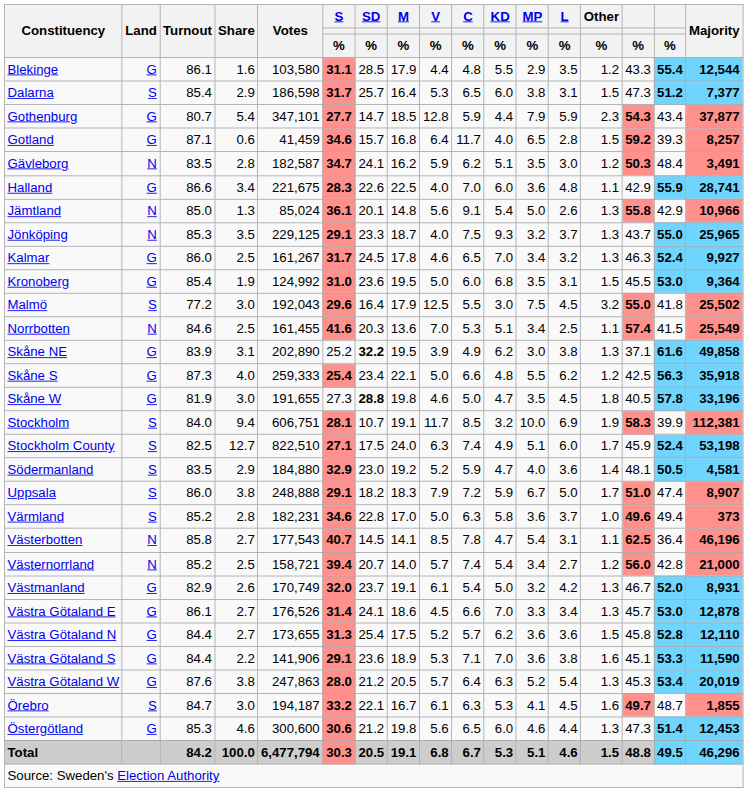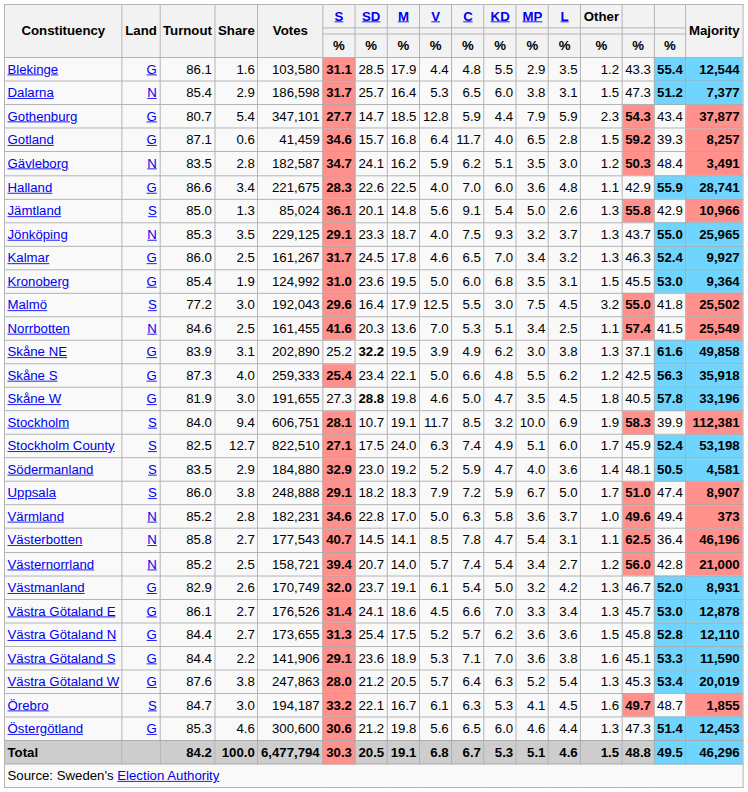 <table class="wikitable sortable" style="text-align:right; font-size:95%; line-height:20px;">
 <tr>
 <th rowspan="3">Constituency</th>
 <th rowspan="3">Land</th>
 <th rowspan="3">Turnout</th>
 <th rowspan="3">Share</th>
 <th rowspan="3">Votes</th>
 <th width="30px" class="unsortable"><a href='#'>S</a></th>
 <th width="30px" class="unsortable"><a href='#'>SD</a></th>
 <th width="30px" class="unsortable"><a href='#'>M</a></th>
 <th width="30px" class="unsortable"><a href='#'>V</a></th>
 <th width="30px" class="unsortable"><a href='#'>C</a></th>
 <th width="30px" class="unsortable"><a href='#'>KD</a></th>
 <th width="30px" class="unsortable"><a href='#'>MP</a></th>
 <th width="30px" class="unsortable"><a href='#'>L</a></th>
 <th width="30px" class="unsortable">Other</th>
 <th></th>
 <th></th>
 <th rowspan="3">Majority</th>
 </tr>
 <tr>
 <th style="background:"></th>
 <th style="background:"></th>
 <th style="background:"></th>
 <th style="background:"></th>
 <th style="background:"></th>
 <th style="background:"></th>
 <th style="background:"></th>
 <th style="background:"></th>
 <th style="background:"></th>
 <th style="background:"></th>
 <th style="background:"></th>
 </tr>
 <tr>
 <th data-sort-type="number">%</th>
 <th data-sort-type="number">%</th>
 <th data-sort-type="number">%</th>
 <th data-sort-type="number">%</th>
 <th data-sort-type="number">%</th>
 <th data-sort-type="number">%</th>
 <th data-sort-type="number">%</th>
 <th data-sort-type="number">%</th>
 <th data-sort-type="number">%</th>
 <th data-sort-type="number">%</th>
 <th data-sort-type="number">%</th>
 </tr>
 <tr>
 <td align="left"><a href='#'>Blekinge</a></td>
 <td><a href='#'>G</a></td>
 <td>86.1</td>
 <td>1.6</td>
 <td>103,580</td>
 <td bgcolor=#ff908c><strong>31.1</strong></td>
 <td>28.5</td>
 <td>17.9</td>
 <td>4.4</td>
 <td>4.8</td>
 <td>5.5</td>
 <td>2.9</td>
 <td>3.5</td>
 <td>1.2</td>
 <td>43.3</td>
 <td bgcolor=#6fd5fe><strong>55.4</strong></td>
 <td bgcolor=#6fd5fe><strong>12,544</strong></td>
 </tr>
 <tr>
 <td align="left"><a href='#'>Dalarna</a></td>
-<td><a href='#'>S</a></td>
+<td><a href='#'>N</a></td>
 <td>85.4</td>
 <td>2.9</td>
 <td>186,598</td>
 <td bgcolor=#ff908c><strong>31.7</strong></td>
 <td>25.7</td>
 <td>16.4</td>
 <td>5.3</td>
 <td>6.5</td>
 <td>6.0</td>
 <td>3.8</td>
 <td>3.1</td>
 <td>1.5</td>
 <td>47.3</td>
 <td bgcolor=#6fd5fe><strong>51.2</strong></td>
 <td bgcolor=#6fd5fe><strong>7,377</strong></td>
 </tr>
 <tr>
 <td align="left"><a href='#'>Gothenburg</a></td>
 <td><a href='#'>G</a></td>
 <td>80.7</td>
 <td>5.4</td>
 <td>347,101</td>
 <td bgcolor=#ff908c><strong>27.7</strong></td>
 <td>14.7</td>
 <td>18.5</td>
 <td>12.8</td>
 <td>5.9</td>
 <td>4.4</td>
 <td>7.9</td>
 <td>5.9</td>
 <td>2.3</td>
 <td bgcolor=#ff908c><strong>54.3</strong></td>
 <td>43.4</td>
 <td bgcolor=#ff908c><strong>37,877</strong></td>
 </tr>
 <tr>
 <td align="left"><a href='#'>Gotland</a></td>
 <td><a href='#'>G</a></td>
 <td>87.1</td>
 <td>0.6</td>
 <td>41,459</td>
 <td bgcolor=#ff908c><strong>34.6</strong></td>
 <td>15.7</td>
 <td>16.8</td>
 <td>6.4</td>
 <td>11.7</td>
 <td>4.0</td>
 <td>6.5</td>
 <td>2.8</td>
 <td>1.5</td>
 <td bgcolor=#ff908c><strong>59.2</strong></td>
 <td>39.3</td>
 <td bgcolor=#ff908c><strong>8,257</strong></td>
 </tr>
 <tr>
 <td align="left"><a href='#'>Gävleborg</a></td>
 <td><a href='#'>N</a></td>
 <td>83.5</td>
 <td>2.8</td>
 <td>182,587</td>
 <td bgcolor=#ff908c><strong>34.7</strong></td>
 <td>24.1</td>
 <td>16.2</td>
 <td>5.9</td>
 <td>6.2</td>
 <td>5.1</td>
 <td>3.5</td>
 <td>3.0</td>
 <td>1.2</td>
 <td bgcolor=#ff908c><strong>50.3</strong></td>
 <td>48.4</td>
 <td bgcolor=#ff908c><strong>3,491</strong></td>
 </tr>
 <tr>
 <td align="left"><a href='#'>Halland</a></td>
 <td><a href='#'>G</a></td>
 <td>86.6</td>
 <td>3.4</td>
 <td>221,675</td>
 <td bgcolor=#ff908c><strong>28.3</strong></td>
 <td>22.6</td>
 <td>22.5</td>
 <td>4.0</td>
 <td>7.0</td>
 <td>6.0</td>
 <td>3.6</td>
 <td>4.8</td>
 <td>1.1</td>
 <td>42.9</td>
 <td bgcolor=#6fd5fe><strong>55.9</strong></td>
 <td bgcolor=#6fd5fe><strong>28,741</strong></td>
 </tr>
 <tr>
 <td align="left"><a href='#'>Jämtland</a></td>
-<td><a href='#'>N</a></td>
+<td><a href='#'>S</a></td>
 <td>85.0</td>
 <td>1.3</td>
 <td>85,024</td>
 <td bgcolor=#ff908c><strong>36.1</strong></td>
 <td>20.1</td>
 <td>14.8</td>
 <td>5.6</td>
 <td>9.1</td>
 <td>5.4</td>
 <td>5.0</td>
 <td>2.6</td>
 <td>1.3</td>
 <td bgcolor=#ff908c><strong>55.8</strong></td>
 <td>42.9</td>
 <td bgcolor=#ff908c><strong>10,966</strong></td>
 </tr>
 <tr>
 <td align="left"><a href='#'>Jönköping</a></td>
 <td><a href='#'>N</a></td>
 <td>85.3</td>
 <td>3.5</td>
 <td>229,125</td>
 <td bgcolor=#ff908c><strong>29.1</strong></td>
 <td>23.3</td>
 <td>18.7</td>
 <td>4.0</td>
 <td>7.5</td>
 <td>9.3</td>
 <td>3.2</td>
 <td>3.7</td>
 <td>1.3</td>
 <td>43.7</td>
 <td bgcolor=#6fd5fe><strong>55.0</strong></td>
 <td bgcolor=#6fd5fe><strong>25,965</strong></td>
 </tr>
 <tr>
 <td align="left"><a href='#'>Kalmar</a></td>
 <td><a href='#'>G</a></td>
 <td>86.0</td>
 <td>2.5</td>
 <td>161,267</td>
 <td bgcolor=#ff908c><strong>31.7</strong></td>
 <td>24.5</td>
 <td>17.8</td>
 <td>4.6</td>
 <td>6.5</td>
 <td>7.0</td>
 <td>3.4</td>
 <td>3.2</td>
 <td>1.3</td>
 <td>46.3</td>
 <td bgcolor=#6fd5fe><strong>52.4</strong></td>
 <td bgcolor=#6fd5fe><strong>9,927</strong></td>
 </tr>
 <tr>
 <td align="left"><a href='#'>Kronoberg</a></td>
 <td><a href='#'>G</a></td>
 <td>85.4</td>
 <td>1.9</td>
 <td>124,992</td>
 <td bgcolor=#ff908c><strong>31.0</strong></td>
 <td>23.6</td>
 <td>19.5</td>
 <td>5.0</td>
 <td>6.0</td>
 <td>6.8</td>
 <td>3.5</td>
 <td>3.1</td>
 <td>1.5</td>
 <td>45.5</td>
 <td bgcolor=#6fd5fe><strong>53.0</strong></td>
 <td bgcolor=#6fd5fe><strong>9,364</strong></td>
 </tr>
 <tr>
 <td align="left"><a href='#'>Malmö</a></td>
 <td><a href='#'>S</a></td>
 <td>77.2</td>
 <td>3.0</td>
 <td>192,043</td>
 <td bgcolor=#ff908c><strong>29.6</strong></td>
 <td>16.4</td>
 <td>17.9</td>
 <td>12.5</td>
 <td>5.5</td>
 <td>3.0</td>
 <td>7.5</td>
 <td>4.5</td>
 <td>3.2</td>
 <td bgcolor=#ff908c><strong>55.0</strong></td>
 <td>41.8</td>
 <td bgcolor=#ff908c><strong>25,502</strong></td>
 </tr>
 <tr>
 <td align="left"><a href='#'>Norrbotten</a></td>
 <td><a href='#'>N</a></td>
 <td>84.6</td>
 <td>2.5</td>
 <td>161,455</td>
 <td bgcolor=#ff908c><strong>41.6</strong></td>
 <td>20.3</td>
 <td>13.6</td>
 <td>7.0</td>
 <td>5.3</td>
 <td>5.1</td>
 <td>3.4</td>
 <td>2.5</td>
 <td>1.1</td>
 <td bgcolor=#ff908c><strong>57.4</strong></td>
 <td>41.5</td>
 <td bgcolor=#ff908c><strong>25,549</strong></td>
 </tr>
 <tr>
 <td align="left"><a href='#'>Skåne NE</a></td>
 <td><a href='#'>G</a></td>
 <td>83.9</td>
 <td>3.1</td>
 <td>202,890</td>
 <td>25.2</td>
 <td style="background:"><strong>32.2</strong></td>
 <td>19.5</td>
 <td>3.9</td>
 <td>4.9</td>
 <td>6.2</td>
 <td>3.0</td>
 <td>3.8</td>
 <td>1.3</td>
 <td>37.1</td>
 <td bgcolor=#6fd5fe><strong>61.6</strong></td>
 <td bgcolor=#6fd5fe><strong>49,858</strong></td>
 </tr>
 <tr>
 <td align="left"><a href='#'>Skåne S</a></td>
 <td><a href='#'>G</a></td>
 <td>87.3</td>
 <td>4.0</td>
 <td>259,333</td>
 <td bgcolor=#ff908c><strong>25.4</strong></td>
 <td>23.4</td>
 <td>22.1</td>
 <td>5.0</td>
 <td>6.6</td>
 <td>4.8</td>
 <td>5.5</td>
 <td>6.2</td>
 <td>1.2</td>
 <td>42.5</td>
 <td bgcolor=#6fd5fe><strong>56.3</strong></td>
 <td bgcolor=#6fd5fe><strong>35,918</strong></td>
 </tr>
 <tr>
 <td align="left"><a href='#'>Skåne W</a></td>
 <td><a href='#'>G</a></td>
 <td>81.9</td>
 <td>3.0</td>
 <td>191,655</td>
 <td>27.3</td>
 <td style="background:"><strong>28.8</strong></td>
 <td>19.8</td>
 <td>4.6</td>
 <td>5.0</td>
 <td>4.7</td>
 <td>3.5</td>
 <td>4.5</td>
 <td>1.8</td>
 <td>40.5</td>
 <td bgcolor=#6fd5fe><strong>57.8</strong></td>
 <td bgcolor=#6fd5fe><strong>33,196</strong></td>
 </tr>
 <tr>
 <td align="left"><a href='#'>Stockholm</a></td>
 <td><a href='#'>S</a></td>
 <td>84.0</td>
 <td>9.4</td>
 <td>606,751</td>
 <td bgcolor=#ff908c><strong>28.1</strong></td>
 <td>10.7</td>
 <td>19.1</td>
 <td>11.7</td>
 <td>8.5</td>
 <td>3.2</td>
 <td>10.0</td>
 <td>6.9</td>
 <td>1.9</td>
 <td bgcolor=#ff908c><strong>58.3</strong></td>
 <td>39.9</td>
 <td bgcolor=#ff908c><strong>112,381</strong></td>
 </tr>
 <tr>
 <td align="left"><a href='#'>Stockholm County</a></td>
 <td><a href='#'>S</a></td>
 <td>82.5</td>
 <td>12.7</td>
 <td>822,510</td>
 <td bgcolor=#ff908c><strong>27.1</strong></td>
 <td>17.5</td>
 <td>24.0</td>
 <td>6.3</td>
 <td>7.4</td>
 <td>4.9</td>
 <td>5.1</td>
 <td>6.0</td>
 <td>1.7</td>
 <td>45.9</td>
 <td bgcolor=#6fd5fe><strong>52.4</strong></td>
 <td bgcolor=#6fd5fe><strong>53,198</strong></td>
 </tr>
 <tr>
 <td align="left"><a href='#'>Södermanland</a></td>
 <td><a href='#'>S</a></td>
 <td>83.5</td>
 <td>2.9</td>
 <td>184,880</td>
 <td bgcolor=#ff908c><strong>32.9</strong></td>
 <td>23.0</td>
 <td>19.2</td>
 <td>5.2</td>
 <td>5.9</td>
 <td>4.7</td>
 <td>4.0</td>
 <td>3.6</td>
 <td>1.4</td>
 <td>48.1</td>
 <td bgcolor=#6fd5fe><strong>50.5</strong></td>
 <td bgcolor=#6fd5fe><strong>4,581</strong></td>
 </tr>
 <tr>
 <td align="left"><a href='#'>Uppsala</a></td>
 <td><a href='#'>S</a></td>
 <td>86.0</td>
 <td>3.8</td>
 <td>248,888</td>
 <td bgcolor=#ff908c><strong>29.1</strong></td>
 <td>18.2</td>
 <td>18.3</td>
 <td>7.9</td>
 <td>7.2</td>
 <td>5.9</td>
 <td>6.7</td>
 <td>5.0</td>
 <td>1.7</td>
 <td bgcolor=#ff908c><strong>51.0</strong></td>
 <td>47.4</td>
 <td bgcolor=#ff908c><strong>8,907</strong></td>
 </tr>
 <tr>
 <td align="left"><a href='#'>Värmland</a></td>
-<td><a href='#'>S</a></td>
+<td><a href='#'>N</a></td>
 <td>85.2</td>
 <td>2.8</td>
 <td>182,231</td>
 <td bgcolor=#ff908c><strong>34.6</strong></td>
 <td>22.8</td>
 <td>17.0</td>
 <td>5.0</td>
 <td>6.3</td>
 <td>5.8</td>
 <td>3.6</td>
 <td>3.7</td>
 <td>1.0</td>
 <td bgcolor=#ff908c><strong>49.6</strong></td>
 <td>49.4</td>
 <td bgcolor=#ff908c><strong>373</strong></td>
 </tr>
 <tr>
 <td align="left"><a href='#'>Västerbotten</a></td>
 <td><a href='#'>N</a></td>
 <td>85.8</td>
 <td>2.7</td>
 <td>177,543</td>
 <td bgcolor=#ff908c><strong>40.7</strong></td>
 <td>14.5</td>
 <td>14.1</td>
 <td>8.5</td>
 <td>7.8</td>
 <td>4.7</td>
 <td>5.4</td>
 <td>3.1</td>
 <td>1.1</td>
 <td bgcolor=#ff908c><strong>62.5</strong></td>
 <td>36.4</td>
 <td bgcolor=#ff908c><strong>46,196</strong></td>
 </tr>
 <tr>
 <td align="left"><a href='#'>Västernorrland</a></td>
 <td><a href='#'>N</a></td>
 <td>85.2</td>
 <td>2.5</td>
 <td>158,721</td>
 <td bgcolor=#ff908c><strong>39.4</strong></td>
 <td>20.7</td>
 <td>14.0</td>
 <td>5.7</td>
 <td>7.4</td>
 <td>5.4</td>
 <td>3.4</td>
 <td>2.7</td>
 <td>1.2</td>
 <td bgcolor=#ff908c><strong>56.0</strong></td>
 <td>42.8</td>
 <td bgcolor=#ff908c><strong>21,000</strong></td>
 </tr>
 <tr>
 <td align="left"><a href='#'>Västmanland</a></td>
 <td><a href='#'>G</a></td>
 <td>82.9</td>
 <td>2.6</td>
 <td>170,749</td>
 <td bgcolor=#ff908c><strong>32.0</strong></td>
 <td>23.7</td>
 <td>19.1</td>
 <td>6.1</td>
 <td>5.4</td>
 <td>5.0</td>
 <td>3.2</td>
 <td>4.2</td>
 <td>1.3</td>
 <td>46.7</td>
 <td bgcolor=#6fd5fe><strong>52.0</strong></td>
 <td bgcolor=#6fd5fe><strong>8,931</strong></td>
 </tr>
 <tr>
 <td align="left"><a href='#'>Västra Götaland E</a></td>
 <td><a href='#'>G</a></td>
 <td>86.1</td>
 <td>2.7</td>
 <td>176,526</td>
 <td bgcolor=#ff908c><strong>31.4</strong></td>
 <td>24.1</td>
 <td>18.6</td>
 <td>4.5</td>
 <td>6.6</td>
 <td>7.0</td>
 <td>3.3</td>
 <td>3.4</td>
 <td>1.3</td>
 <td>45.7</td>
 <td bgcolor=#6fd5fe><strong>53.0</strong></td>
 <td bgcolor=#6fd5fe><strong>12,878</strong></td>
 </tr>
 <tr>
 <td align="left"><a href='#'>Västra Götaland N</a></td>
 <td><a href='#'>G</a></td>
 <td>84.4</td>
 <td>2.7</td>
 <td>173,655</td>
 <td bgcolor=#ff908c><strong>31.3</strong></td>
 <td>25.4</td>
 <td>17.5</td>
 <td>5.2</td>
 <td>5.7</td>
 <td>6.2</td>
 <td>3.6</td>
 <td>3.6</td>
 <td>1.5</td>
 <td>45.8</td>
 <td bgcolor=#6fd5fe><strong>52.8</strong></td>
 <td bgcolor=#6fd5fe><strong>12,110</strong></td>
 </tr>
 <tr>
 <td align="left"><a href='#'>Västra Götaland S</a></td>
 <td><a href='#'>G</a></td>
 <td>84.4</td>
 <td>2.2</td>
 <td>141,906</td>
 <td bgcolor=#ff908c><strong>29.1</strong></td>
 <td>23.6</td>
 <td>18.9</td>
 <td>5.3</td>
 <td>7.1</td>
 <td>7.0</td>
 <td>3.6</td>
 <td>3.8</td>
 <td>1.6</td>
 <td>45.1</td>
 <td bgcolor=#6fd5fe><strong>53.3</strong></td>
 <td bgcolor=#6fd5fe><strong>11,590</strong></td>
 </tr>
 <tr>
 <td align="left"><a href='#'>Västra Götaland W</a></td>
 <td><a href='#'>G</a></td>
 <td>87.6</td>
 <td>3.8</td>
 <td>247,863</td>
 <td bgcolor=#ff908c><strong>28.0</strong></td>
 <td>21.2</td>
 <td>20.5</td>
 <td>5.7</td>
 <td>6.4</td>
 <td>6.3</td>
 <td>5.2</td>
 <td>5.4</td>
 <td>1.3</td>
 <td>45.3</td>
 <td bgcolor=#6fd5fe><strong>53.4</strong></td>
 <td bgcolor=#6fd5fe><strong>20,019</strong></td>
 </tr>
 <tr>
 <td align="left"><a href='#'>Örebro</a></td>
 <td><a href='#'>S</a></td>
 <td>84.7</td>
 <td>3.0</td>
 <td>194,187</td>
 <td bgcolor=#ff908c><strong>33.2</strong></td>
 <td>22.1</td>
 <td>16.7</td>
 <td>6.1</td>
 <td>6.3</td>
 <td>5.3</td>
 <td>4.1</td>
 <td>4.5</td>
 <td>1.6</td>
 <td bgcolor=#ff908c><strong>49.7</strong></td>
 <td>48.7</td>
 <td bgcolor=#ff908c><strong>1,855</strong></td>
 </tr>
 <tr>
 <td align="left"><a href='#'>Östergötland</a></td>
 <td><a href='#'>G</a></td>
 <td>85.3</td>
 <td>4.6</td>
 <td>300,600</td>
 <td bgcolor=#ff908c><strong>30.6</strong></td>
 <td>21.2</td>
 <td>19.8</td>
 <td>5.6</td>
 <td>6.5</td>
 <td>6.0</td>
 <td>4.6</td>
 <td>4.4</td>
 <td>1.3</td>
 <td>47.3</td>
 <td bgcolor=#6fd5fe><strong>51.4</strong></td>
 <td bgcolor=#6fd5fe><strong>12,453</strong></td>
 </tr>
 <tr>
 </tr>
 <tr style="background:#CDCDCD;">
 <td align="left"><strong>Total</strong></td>
 <td></td>
 <td><strong>84.2</strong></td>
 <td><strong>100.0</strong></td>
 <td><strong>6,477,794</strong></td>
 <td bgcolor=#ff908c><strong>30.3</strong></td>
 <td><strong>20.5</strong></td>
 <td><strong>19.1</strong></td>
 <td><strong>6.8</strong></td>
 <td><strong>6.7</strong></td>
 <td><strong>5.3</strong></td>
 <td><strong>5.1</strong></td>
 <td><strong>4.6</strong></td>
 <td><strong>1.5</strong></td>
 <td><strong>48.8</strong></td>
 <td bgcolor=#6fd5fe><strong>49.5</strong></td>
 <td bgcolor=#6fd5fe><strong>46,296</strong></td>
 </tr>
 <tr>
 <td colspan="17" align="left">Source: Sweden's <a href='#'>Election Authority</a></td>
 </tr>
 </table>
